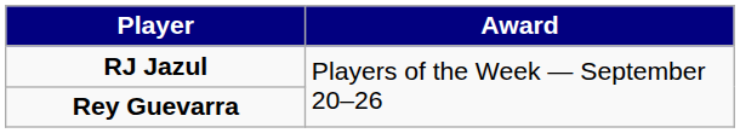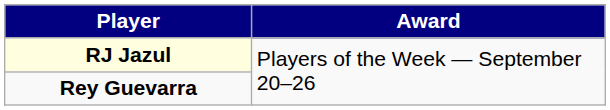 <table class="wikitable" style="text-align: left">
 <tr>
 <th style="color: white; background-color: #020080; width:180px">Player</th>
 <th style="color: white; background-color: #020080; width:260px">Award</th>
 </tr>
 <tr>
-<td style="text-align:center;"><strong>RJ Jazul</strong></td>
+<td style="background: lightyellow; text-align:center;"><strong>RJ Jazul</strong></td>
 <td rowspan="2">Players of the Week — September 20–26</td>
 </tr>
 <tr>
 <td style="text-align:center;"><strong>Rey Guevarra</strong></td>
 </tr>
 </table>
